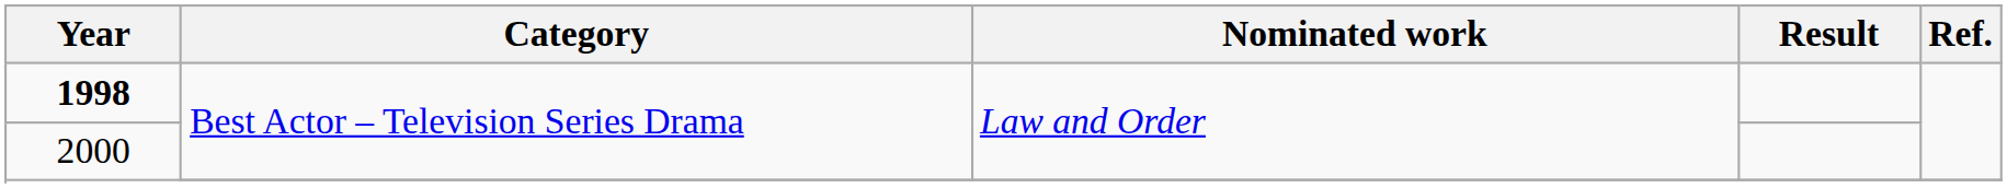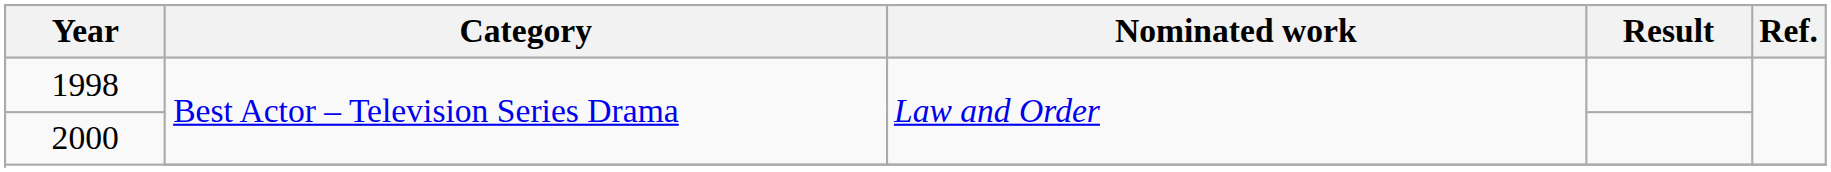 <table class=wikitable>
 <tr>
 <th scope="col" style="width:5em;">Year</th>
 <th scope="col" style="width:26em;">Category</th>
 <th scope="col" style="width:25em;">Nominated work</th>
 <th scope="col" style="width:5em;">Result</th>
 <th>Ref.</th>
 </tr>
 <tr>
-<td style="text-align:center;"><strong>1998</strong></td>
+<td style="text-align:center;">1998</td>
 <td rowspan="2"><a href='#'>Best Actor – Television Series Drama</a></td>
 <td rowspan=2><em><a href='#'>Law and Order</a></em></td>
 <td></td>
 <td rowspan=2></td>
 </tr>
 <tr>
 <td style="text-align:center;" rowspan=2>2000</td>
 <td></td>
 </tr>
 <tr>
 </tr>
 </table>
